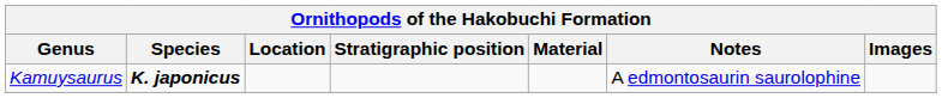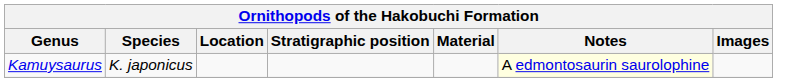 <table class="wikitable" align="center">
 <tr>
 <th colspan="7" align="center"><a href='#'>Ornithopods</a> of the Hakobuchi Formation</th>
 </tr>
 <tr>
 <th>Genus</th>
 <th>Species</th>
 <th>Location</th>
 <th>Stratigraphic position</th>
 <th>Material</th>
 <th>Notes</th>
 <th>Images</th>
 </tr>
 <tr>
 <td><em><a href='#'>Kamuysaurus</a></em></td>
-<td><strong><em>K. japonicus</em></strong></td>
+<td><em>K. japonicus</em></td>
 <td></td>
 <td></td>
 <td></td>
-<td>A <a href='#'>edmontosaurin saurolophine</a></td>
+<td style="background: lightyellow;">A <a href='#'>edmontosaurin saurolophine</a></td>
 <td></td>
 </tr>
 <tr>
 </tr>
 </table>
